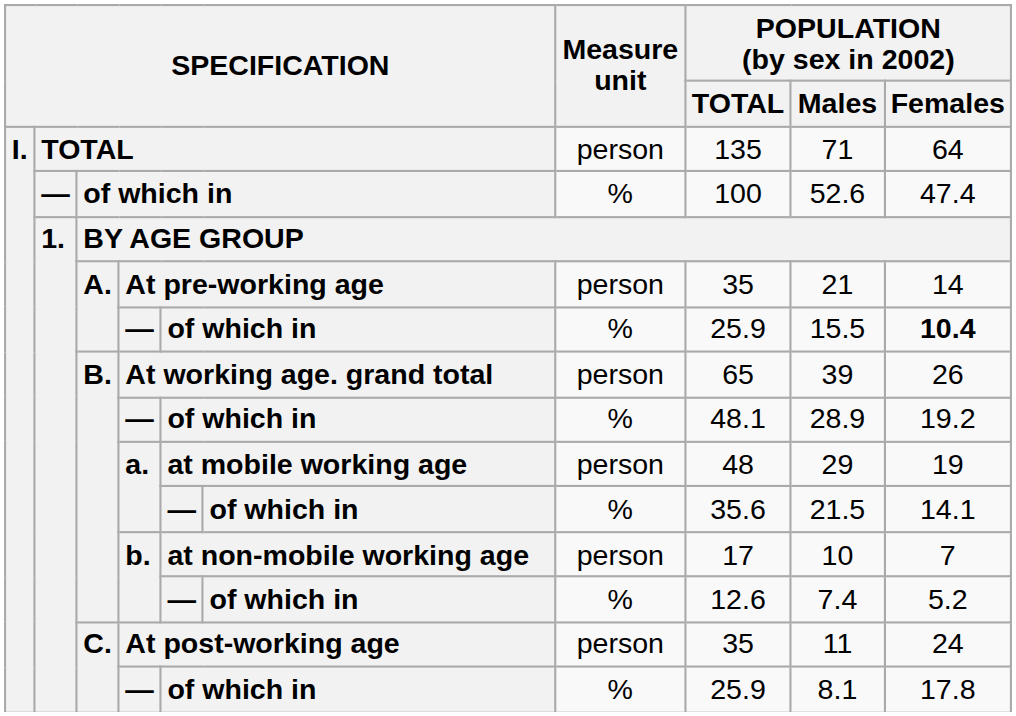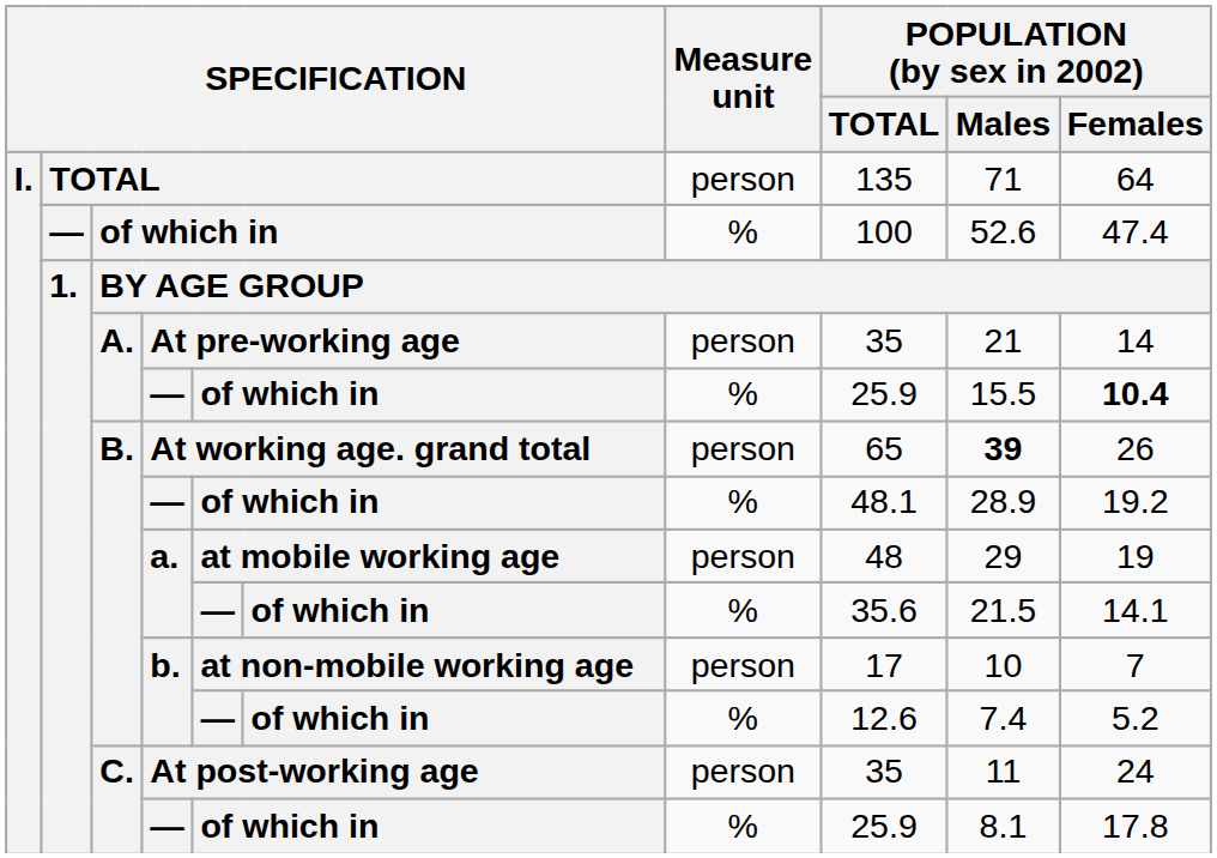 <table class="wikitable" style="font-size:85%; text-align:center">
 <tr>
 <th rowspan="2" colspan="6">SPECIFICATION</th>
 <th rowspan="2">Measure<br> unit</th>
 <th colspan="3" rowspan="1">POPULATION<br> (by sex in 2002)</th>
 </tr>
 <tr>
 <th>TOTAL</th>
 <th>Males</th>
 <th>Females</th>
 </tr>
 <tr>
 <th style="text-align:left" valign="top" rowspan="13">I.</th>
 <th style="text-align:left" colspan="5">TOTAL</th>
 <td>person</td>
 <td>135</td>
 <td>71</td>
 <td>64</td>
 </tr>
 <tr>
 <th style="text-align:left" valign="top">—</th>
 <th style="text-align:left" colspan="4">of which in</th>
 <td>%</td>
 <td>100</td>
 <td>52.6</td>
 <td>47.4</td>
 </tr>
 <tr>
 <th style="text-align:left" valign="top" rowspan="11">1.</th>
 <th style="text-align:left" colspan="19">BY AGE GROUP</th>
 </tr>
 <tr>
 <th style="text-align:left" valign="top" rowspan="2">A.</th>
 <th style="text-align:left" colspan="3">At pre-working age</th>
 <td>person</td>
 <td>35</td>
 <td>21</td>
 <td>14</td>
 </tr>
 <tr>
 <th style="text-align:left" valign="top">—</th>
 <th style="text-align:left" valign="top" colspan="2">of which in</th>
 <td>%</td>
 <td>25.9</td>
 <td>15.5</td>
 <td><strong>10.4</strong></td>
 </tr>
 <tr>
 <th style="text-align:left" valign="top" rowspan="6">B.</th>
 <th style="text-align:left" colspan="3">At working age. grand total</th>
 <td>person</td>
 <td>65</td>
-<td>39</td>
+<td><strong>39</strong></td>
 <td>26</td>
 </tr>
 <tr>
 <th style="text-align:left" valign="top">—</th>
 <th style="text-align:left" valign="top" colspan="2">of which in</th>
 <td>%</td>
 <td>48.1</td>
 <td>28.9</td>
 <td>19.2</td>
 </tr>
 <tr>
 <th style="text-align:left" valign="top" rowspan="2">a.</th>
 <th style="text-align:left" colspan="2">at mobile working age</th>
 <td>person</td>
 <td>48</td>
 <td>29</td>
 <td>19</td>
 </tr>
 <tr>
 <th style="text-align:left" valign="top">—</th>
 <th style="text-align:left" valign="top" colspan="1">of which in                        </th>
 <td>%</td>
 <td>35.6</td>
 <td>21.5</td>
 <td>14.1</td>
 </tr>
 <tr>
 <th style="text-align:left" valign="top" rowspan="2">b.</th>
 <th style="text-align:left" colspan="2">at non-mobile working age</th>
 <td>person</td>
 <td>17</td>
 <td>10</td>
 <td>7</td>
 </tr>
 <tr>
 <th style="text-align:left" valign="top">—</th>
 <th style="text-align:left" valign="top" colspan="1">of which in                        </th>
 <td>%</td>
 <td>12.6</td>
 <td>7.4</td>
 <td>5.2</td>
 </tr>
 <tr>
 <th style="text-align:left" valign="top" rowspan="2">C.</th>
 <th style="text-align:left" colspan="3">At post-working age</th>
 <td>person</td>
 <td>35</td>
 <td>11</td>
 <td>24</td>
 </tr>
 <tr>
 <th style="text-align:left" valign="top">—</th>
 <th style="text-align:left" valign="top" colspan="2">of which in</th>
 <td>%</td>
 <td>25.9</td>
 <td>8.1</td>
 <td>17.8</td>
 </tr>
 </table>
